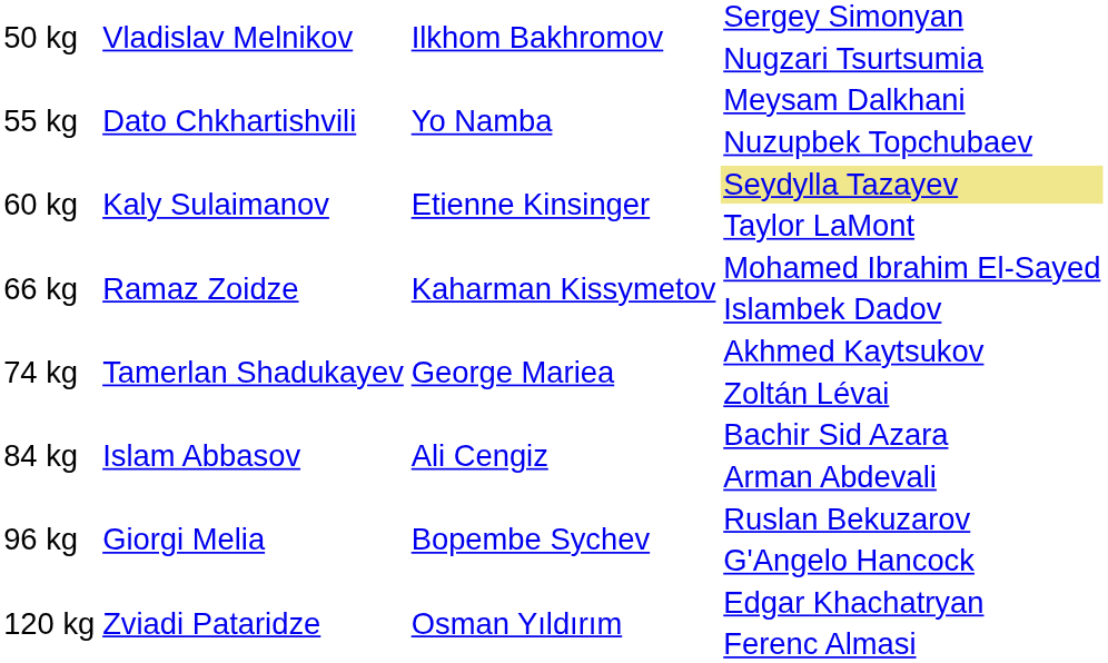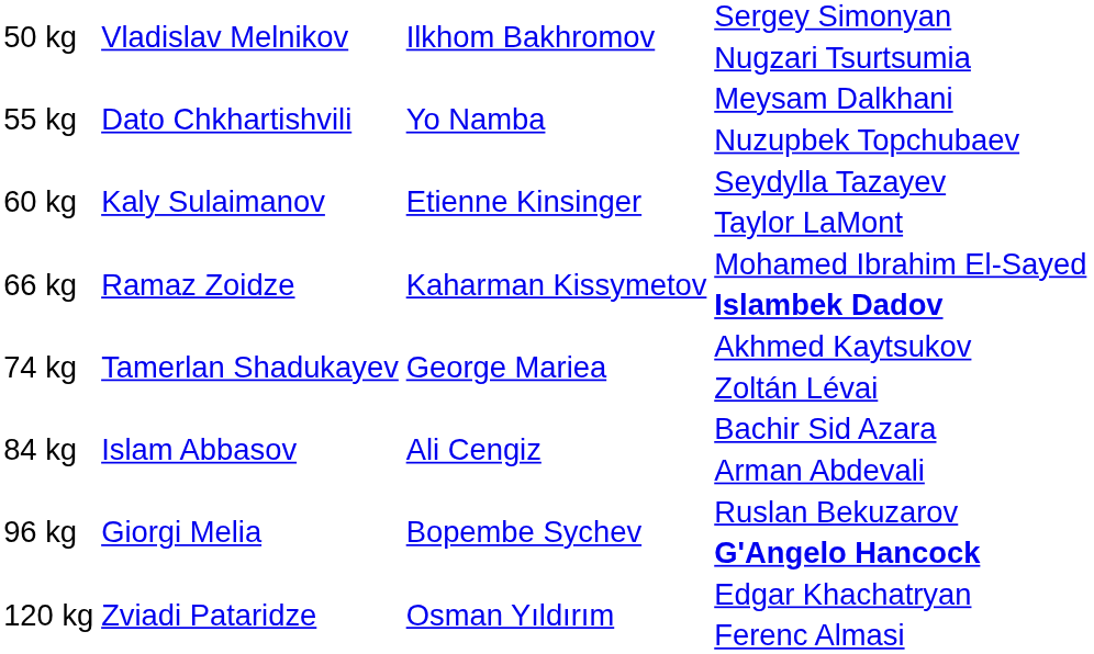 <table>
 <tr>
 <td rowspan=2>50 kg</td>
 <td rowspan=2> <a href='#'>Vladislav Melnikov</a></td>
 <td rowspan=2> <a href='#'>Ilkhom Bakhromov</a></td>
 <td> <a href='#'>Sergey Simonyan</a></td>
 </tr>
 <tr>
 <td> <a href='#'>Nugzari Tsurtsumia</a></td>
 </tr>
 <tr>
 <td rowspan=2>55 kg</td>
 <td rowspan=2> <a href='#'>Dato Chkhartishvili</a></td>
 <td rowspan=2> <a href='#'>Yo Namba</a></td>
 <td> <a href='#'>Meysam Dalkhani</a></td>
 </tr>
 <tr>
 <td> <a href='#'>Nuzupbek Topchubaev</a></td>
 </tr>
 <tr>
 <td rowspan=2>60 kg</td>
 <td rowspan=2> <a href='#'>Kaly Sulaimanov</a></td>
 <td rowspan=2> <a href='#'>Etienne Kinsinger</a></td>
-<td style="background: khaki;"> <a href='#'>Seydylla Tazayev</a></td>
+<td> <a href='#'>Seydylla Tazayev</a></td>
 </tr>
 <tr>
 <td> <a href='#'>Taylor LaMont</a></td>
 </tr>
 <tr>
 <td rowspan=2>66 kg</td>
 <td rowspan=2> <a href='#'>Ramaz Zoidze</a></td>
 <td rowspan=2> <a href='#'>Kaharman Kissymetov</a></td>
 <td> <a href='#'>Mohamed Ibrahim El-Sayed</a></td>
 </tr>
 <tr>
-<td> <a href='#'>Islambek Dadov</a></td>
+<td><strong> <a href='#'>Islambek Dadov</a></strong></td>
 </tr>
 <tr>
 <td rowspan=2>74 kg</td>
 <td rowspan=2> <a href='#'>Tamerlan Shadukayev</a></td>
 <td rowspan=2> <a href='#'>George Mariea</a></td>
 <td> <a href='#'>Akhmed Kaytsukov</a></td>
 </tr>
 <tr>
 <td> <a href='#'>Zoltán Lévai</a></td>
 </tr>
 <tr>
 <td rowspan=2>84 kg</td>
 <td rowspan=2><a href='#'>Islam Abbasov</a></td>
 <td rowspan=2> <a href='#'>Ali Cengiz</a></td>
 <td> <a href='#'>Bachir Sid Azara</a></td>
 </tr>
 <tr>
 <td> <a href='#'>Arman Abdevali</a></td>
 </tr>
 <tr>
 <td rowspan=2>96 kg</td>
 <td rowspan=2> <a href='#'>Giorgi Melia</a></td>
 <td rowspan=2> <a href='#'>Bopembe Sychev</a></td>
 <td> <a href='#'>Ruslan Bekuzarov</a></td>
 </tr>
 <tr>
-<td> <a href='#'>G'Angelo Hancock</a></td>
+<td><strong> <a href='#'>G'Angelo Hancock</a></strong></td>
 </tr>
 <tr>
 <td rowspan=2>120 kg</td>
 <td rowspan=2> <a href='#'>Zviadi Pataridze</a></td>
 <td rowspan=2> <a href='#'>Osman Yıldırım</a></td>
 <td> <a href='#'>Edgar Khachatryan</a></td>
 </tr>
 <tr>
 <td> <a href='#'>Ferenc Almasi</a></td>
 </tr>
 </table>
